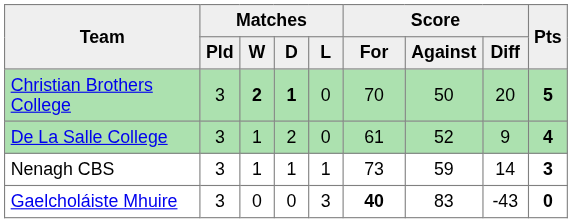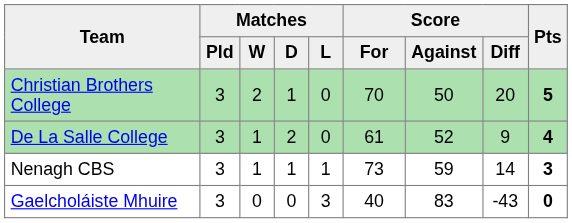 <table style=border-collapse:collapse border=1 cellspacing=0 cellpadding=5>
 <tr align=center bgcolor=#efefef>
 <th rowspan=2 width=165>Team</th>
 <th colspan=4>Matches</th>
 <th colspan=3>Score</th>
 <th rowspan=2width=20>Pts</th>
 </tr>
 <tr align=center bgcolor=#efefef>
 <th width=20>Pld</th>
 <th width=20>W</th>
 <th width=20>D</th>
 <th width=20>L</th>
 <th width=45>For</th>
 <th width=45>Against</th>
 <th width=30>Diff</th>
 </tr>
 <tr align=center style="background:#ACE1AF;">
 <td style="text-align:left;"><a href='#'>Christian Brothers College</a></td>
 <td>3</td>
-<td><strong>2</strong></td>
-<td><strong>1</strong></td>
+<td>2</td>
+<td>1</td>
 <td>0</td>
 <td>70</td>
 <td>50</td>
 <td>20</td>
 <td><strong>5</strong></td>
 </tr>
 <tr align=center style="background:#ACE1AF;">
 <td style="text-align:left;"><a href='#'>De La Salle College</a></td>
 <td>3</td>
 <td>1</td>
 <td>2</td>
 <td>0</td>
 <td>61</td>
 <td>52</td>
 <td>9</td>
 <td><strong>4</strong></td>
 </tr>
 <tr align=center>
 <td style="text-align:left;">Nenagh CBS</td>
 <td>3</td>
 <td>1</td>
 <td>1</td>
 <td>1</td>
 <td>73</td>
 <td>59</td>
 <td>14</td>
 <td><strong>3</strong></td>
 </tr>
 <tr align=center>
 <td style="text-align:left;"><a href='#'>Gaelcholáiste Mhuire</a></td>
 <td>3</td>
 <td>0</td>
 <td>0</td>
 <td>3</td>
-<td><strong>40</strong></td>
+<td>40</td>
 <td>83</td>
 <td>-43</td>
 <td><strong>0</strong></td>
 </tr>
 </table>
